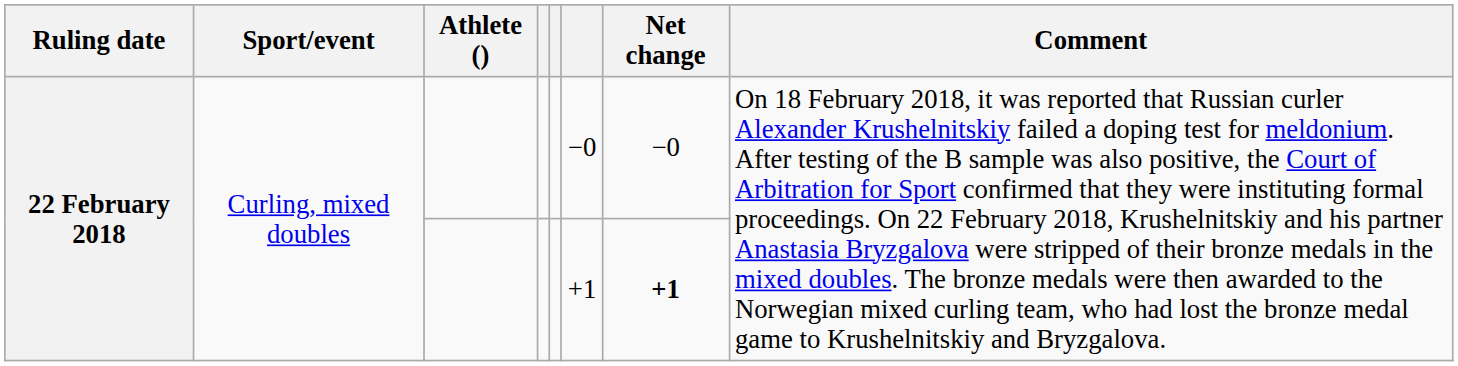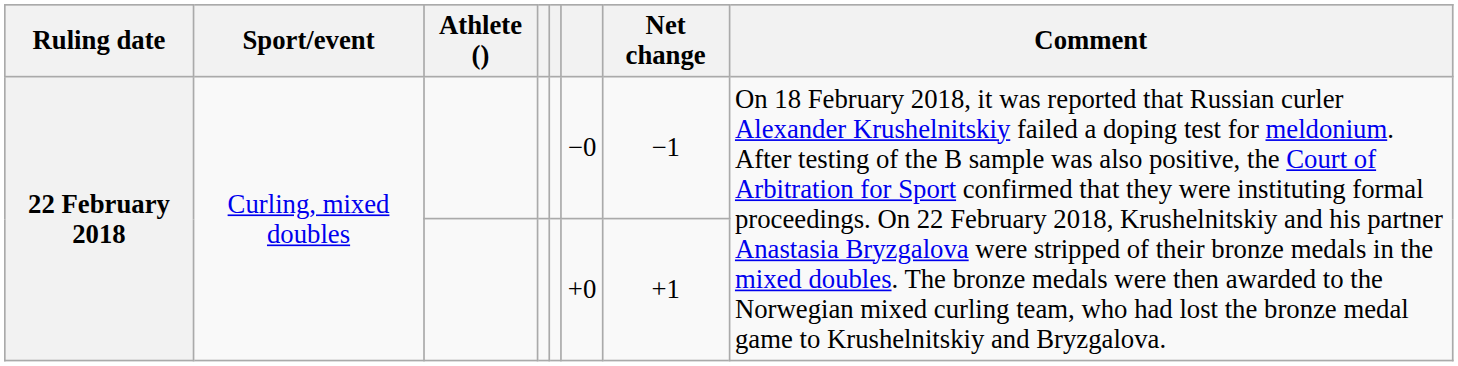 <table class="wikitable" style="text-align:center">
 <tr>
 <th scope="col">Ruling date</th>
 <th scope="col">Sport/event</th>
 <th scope="col">Athlete ()</th>
 <th scope="col"></th>
 <th scope="col"></th>
 <th scope="col"></th>
 <th scope="col">Net change</th>
 <th scope="col" style="width:50%">Comment</th>
 </tr>
 <tr>
 <th scope="rowgroup" rowspan="2">22 February 2018</th>
 <td rowspan="2"><a href='#'>Curling, mixed doubles</a></td>
 <td align=left> <br></td>
 <td></td>
 <td></td>
 <td>−0</td>
-<td>−0</td>
+<td>−1</td>
 <td rowspan="2" style="text-align:left;">On 18 February 2018, it was reported that Russian curler <a href='#'>Alexander Krushelnitskiy</a> failed a doping test for <a href='#'>meldonium</a>. After testing of the B sample was also positive, the <a href='#'>Court of Arbitration for Sport</a> confirmed that they were instituting formal proceedings. On 22 February 2018, Krushelnitskiy and his partner <a href='#'>Anastasia Bryzgalova</a> were stripped of their bronze medals in the <a href='#'>mixed doubles</a>. The bronze medals were then awarded to the Norwegian mixed curling team, who had lost the bronze medal game to Krushelnitskiy and Bryzgalova.</td>
 </tr>
 <tr>
 <td align=left><br></td>
 <td></td>
 <td></td>
+<td>+0</td>
 <td>+1</td>
-<td><strong>+1</strong></td>
 </tr>
 </table>
